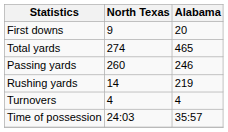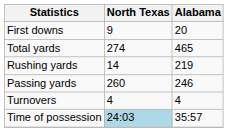 <table class="wikitable" style="float: left;">
 <tr>
 <th>Statistics</th>
 <th>North Texas</th>
 <th>Alabama</th>
 </tr>
 <tr>
 <td>First downs</td>
 <td>9</td>
 <td>20</td>
 </tr>
 <tr>
 <td>Total yards</td>
 <td>274</td>
 <td>465</td>
 </tr>
 <tr>
+<td>Rushing yards</td>
+<td>14</td>
+<td>219</td>
+</tr>
+<tr>
 <td>Passing yards</td>
 <td>260</td>
 <td>246</td>
-</tr>
-<tr>
-<td>Rushing yards</td>
-<td>14</td>
-<td>219</td>
 </tr>
 <tr>
 <td>Turnovers</td>
 <td>4</td>
 <td>4</td>
 </tr>
 <tr>
 <td>Time of possession</td>
-<td>24:03</td>
+<td style="background: lightblue;">24:03</td>
 <td>35:57</td>
 </tr>
 <tr>
 </tr>
 </table>
